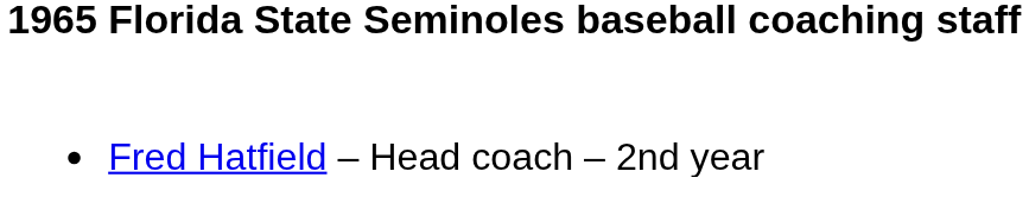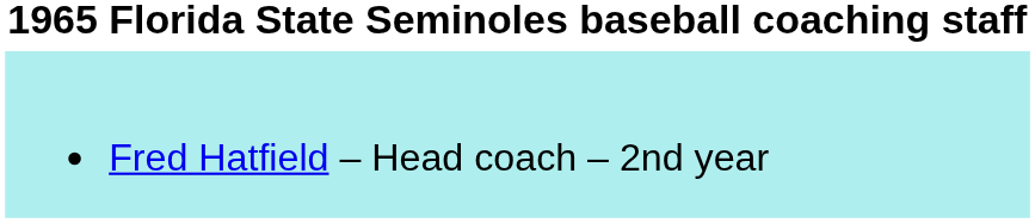 <table class="toccolours">
 <tr>
 <th colspan=9>1965 Florida State Seminoles baseball coaching staff</th>
 </tr>
 <tr>
-<td style="text-align: left; font-size: 95%;" valign="top"><br><ul><li><a href='#'>Fred Hatfield</a> – Head coach – 2nd year</li></ul></td>
+<td style="background: paleturquoise; text-align: left; font-size: 95%;" valign="top"><br><ul><li><a href='#'>Fred Hatfield</a> – Head coach – 2nd year</li></ul></td>
 </tr>
 </table>
